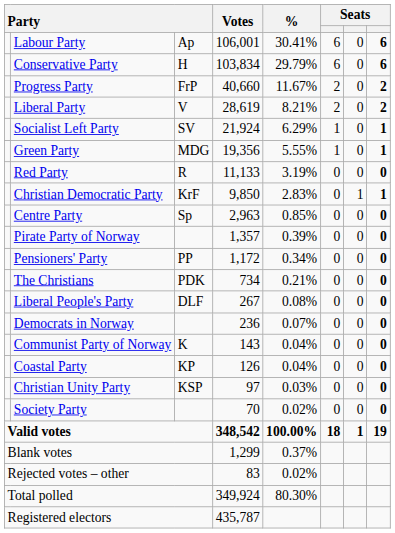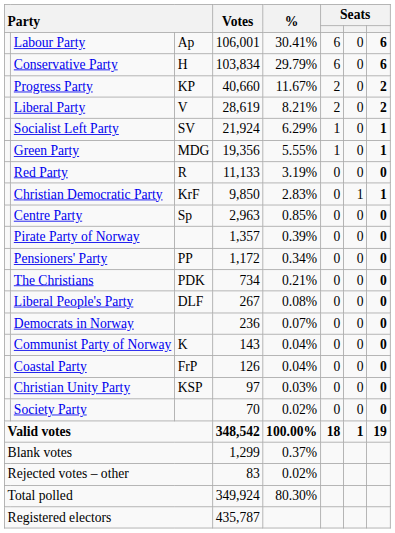 <table class="wikitable" border="1" style="text-align:right;">
 <tr>
 <th style="text-align:left;" valign=bottom rowspan=2 colspan=3>Party</th>
 <th align=center valign=bottom rowspan=2 width="50">Votes</th>
 <th align=center valign=bottom rowspan=2 width="50">%</th>
 <th colspan=3>Seats</th>
 </tr>
 <tr>
 <th align=center valign=bottom width="20"><small></small></th>
 <th align=center valign=bottom width="20"><small><a href='#'></a></small></th>
 <th align=center valign=bottom width="20"><small></small></th>
 </tr>
 <tr>
 <td style="color:inherit;background:"></td>
 <td align=left><a href='#'>Labour Party</a></td>
 <td align=left>Ap</td>
 <td>106,001</td>
 <td>30.41%</td>
 <td>6</td>
 <td>0</td>
 <td><strong>6</strong></td>
 </tr>
 <tr>
 <td style="color:inherit;background:"></td>
 <td align=left><a href='#'>Conservative Party</a></td>
 <td align=left>H</td>
 <td>103,834</td>
 <td>29.79%</td>
 <td>6</td>
 <td>0</td>
 <td><strong>6</strong></td>
 </tr>
 <tr>
 <td style="color:inherit;background:"></td>
 <td align=left><a href='#'>Progress Party</a></td>
-<td align=left>FrP</td>
+<td align=left>KP</td>
 <td>40,660</td>
 <td>11.67%</td>
 <td>2</td>
 <td>0</td>
 <td><strong>2</strong></td>
 </tr>
 <tr>
 <td style="color:inherit;background:"></td>
 <td align=left><a href='#'>Liberal Party</a></td>
 <td align=left>V</td>
 <td>28,619</td>
 <td>8.21%</td>
 <td>2</td>
 <td>0</td>
 <td><strong>2</strong></td>
 </tr>
 <tr>
 <td style="color:inherit;background:"></td>
 <td align=left><a href='#'>Socialist Left Party</a></td>
 <td align=left>SV</td>
 <td>21,924</td>
 <td>6.29%</td>
 <td>1</td>
 <td>0</td>
 <td><strong>1</strong></td>
 </tr>
 <tr>
 <td style="color:inherit;background:"></td>
 <td align=left><a href='#'>Green Party</a></td>
 <td align=left>MDG</td>
 <td>19,356</td>
 <td>5.55%</td>
 <td>1</td>
 <td>0</td>
 <td><strong>1</strong></td>
 </tr>
 <tr>
 <td style="color:inherit;background:"></td>
 <td align=left><a href='#'>Red Party</a></td>
 <td align=left>R</td>
 <td>11,133</td>
 <td>3.19%</td>
 <td>0</td>
 <td>0</td>
 <td><strong>0</strong></td>
 </tr>
 <tr>
 <td style="color:inherit;background:"></td>
 <td align=left><a href='#'>Christian Democratic Party</a></td>
 <td align=left>KrF</td>
 <td>9,850</td>
 <td>2.83%</td>
 <td>0</td>
 <td>1</td>
 <td><strong>1</strong></td>
 </tr>
 <tr>
 <td style="color:inherit;background:"></td>
 <td align=left><a href='#'>Centre Party</a></td>
 <td align=left>Sp</td>
 <td>2,963</td>
 <td>0.85%</td>
 <td>0</td>
 <td>0</td>
 <td><strong>0</strong></td>
 </tr>
 <tr>
 <td style="color:inherit;background:"></td>
 <td align=left><a href='#'>Pirate Party of Norway</a></td>
 <td align=left></td>
 <td>1,357</td>
 <td>0.39%</td>
 <td>0</td>
 <td>0</td>
 <td><strong>0</strong></td>
 </tr>
 <tr>
 <td style="color:inherit;background:"></td>
 <td align=left><a href='#'>Pensioners' Party</a></td>
 <td align=left>PP</td>
 <td>1,172</td>
 <td>0.34%</td>
 <td>0</td>
 <td>0</td>
 <td><strong>0</strong></td>
 </tr>
 <tr>
 <td style="color:inherit;background:"></td>
 <td align=left><a href='#'>The Christians</a></td>
 <td align=left>PDK</td>
 <td>734</td>
 <td>0.21%</td>
 <td>0</td>
 <td>0</td>
 <td><strong>0</strong></td>
 </tr>
 <tr>
 <td style="color:inherit;background:"></td>
 <td align=left><a href='#'>Liberal People's Party</a></td>
 <td align=left>DLF</td>
 <td>267</td>
 <td>0.08%</td>
 <td>0</td>
 <td>0</td>
 <td><strong>0</strong></td>
 </tr>
 <tr>
 <td style="color:inherit;background:"></td>
 <td align=left><a href='#'>Democrats in Norway</a></td>
 <td align=left></td>
 <td>236</td>
 <td>0.07%</td>
 <td>0</td>
 <td>0</td>
 <td><strong>0</strong></td>
 </tr>
 <tr>
 <td style="color:inherit;background:"></td>
 <td align=left><a href='#'>Communist Party of Norway</a></td>
 <td align=left>K</td>
 <td>143</td>
 <td>0.04%</td>
 <td>0</td>
 <td>0</td>
 <td><strong>0</strong></td>
 </tr>
 <tr>
 <td style="color:inherit;background:"></td>
 <td align=left><a href='#'>Coastal Party</a></td>
-<td align=left>KP</td>
+<td align=left>FrP</td>
 <td>126</td>
 <td>0.04%</td>
 <td>0</td>
 <td>0</td>
 <td><strong>0</strong></td>
 </tr>
 <tr>
 <td style="color:inherit;background:"></td>
 <td align=left><a href='#'>Christian Unity Party</a></td>
 <td align=left>KSP</td>
 <td>97</td>
 <td>0.03%</td>
 <td>0</td>
 <td>0</td>
 <td><strong>0</strong></td>
 </tr>
 <tr>
 <td style="color:inherit;background:"></td>
 <td align=left><a href='#'>Society Party</a></td>
 <td align=left></td>
 <td>70</td>
 <td>0.02%</td>
 <td>0</td>
 <td>0</td>
 <td><strong>0</strong></td>
 </tr>
 <tr style="font-weight:bold">
 <td align=left colspan=3>Valid votes</td>
 <td>348,542</td>
 <td>100.00%</td>
 <td>18</td>
 <td>1</td>
 <td>19</td>
 </tr>
 <tr>
 <td align=left colspan=3>Blank votes</td>
 <td>1,299</td>
 <td>0.37%</td>
 <td></td>
 <td></td>
 <td></td>
 </tr>
 <tr>
 <td align=left colspan=3>Rejected votes – other</td>
 <td>83</td>
 <td>0.02%</td>
 <td></td>
 <td></td>
 <td></td>
 </tr>
 <tr>
 <td align=left colspan=3>Total polled</td>
 <td>349,924</td>
 <td>80.30%</td>
 <td></td>
 <td></td>
 <td></td>
 </tr>
 <tr>
 <td align=left colspan=3>Registered electors</td>
 <td>435,787</td>
 <td></td>
 <td></td>
 <td></td>
 <td></td>
 </tr>
 </table>
